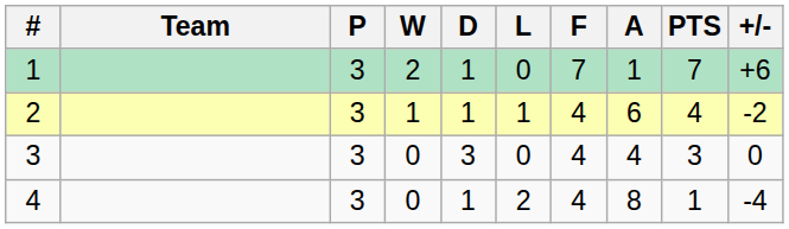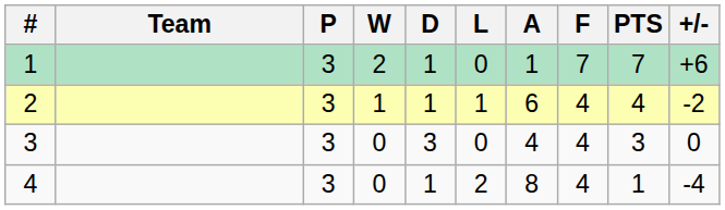 <table class="wikitable" border="1">
 <tr>
 <th width="25">#</th>
 <th width="150">Team</th>
 <th width="25">P</th>
 <th width="25">W</th>
 <th width="25">D</th>
 <th width="25">L</th>
+<th width="25">A</th>
 <th width="25">F</th>
-<th width="25">A</th>
 <th width="25">PTS</th>
 <th width="25">+/-</th>
 </tr>
 <tr bgcolor="AFE2C4">
 <td align="center">1</td>
 <td></td>
 <td align="center">3</td>
 <td align="center">2</td>
 <td align="center">1</td>
 <td align="center">0</td>
+<td align="center">1</td>
 <td align="center">7</td>
-<td align="center">1</td>
 <td align="center">7</td>
 <td align="center">+6</td>
 </tr>
 <tr bgcolor="FCFFB2">
 <td align="center">2</td>
 <td></td>
 <td align="center">3</td>
 <td align="center">1</td>
 <td align="center">1</td>
 <td align="center">1</td>
+<td align="center">6</td>
 <td align="center">4</td>
-<td align="center">6</td>
 <td align="center">4</td>
 <td align="center">-2</td>
 </tr>
 <tr>
 <td align="center">3</td>
 <td></td>
 <td align="center">3</td>
 <td align="center">0</td>
 <td align="center">3</td>
 <td align="center">0</td>
 <td align="center">4</td>
 <td align="center">4</td>
 <td align="center">3</td>
 <td align="center">0</td>
 </tr>
 <tr>
 <td align="center">4</td>
 <td></td>
 <td align="center">3</td>
 <td align="center">0</td>
 <td align="center">1</td>
 <td align="center">2</td>
+<td align="center">8</td>
 <td align="center">4</td>
-<td align="center">8</td>
 <td align="center">1</td>
 <td align="center">-4</td>
 </tr>
 </table>
